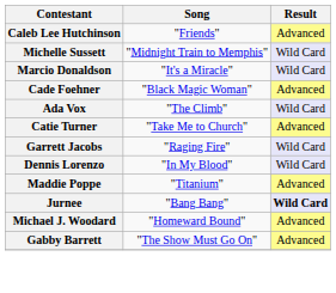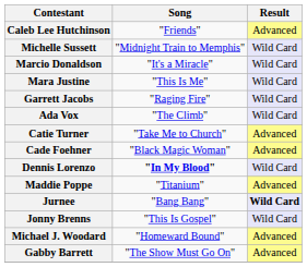 <table class="wikitable" style="text-align:center">
 <tr>
 <th scope="col">Contestant</th>
 <th scope="col">Song</th>
 <th scope="col">Result</th>
 </tr>
 <tr>
 <th scope="row">Caleb Lee Hutchinson</th>
 <td>"<a href='#'>Friends</a>"</td>
 <td style="background:#fdfc8f;">Advanced</td>
 </tr>
 <tr>
 <th scope="row">Michelle Sussett</th>
 <td>"<a href='#'>Midnight Train to Memphis</a>"</td>
 <td style="background:#E6E6FA;">Wild Card</td>
 </tr>
 <tr>
 <th scope="row">Marcio Donaldson</th>
 <td>"<a href='#'>It's a Miracle</a>"</td>
 <td style="background:#E6E6FA;">Wild Card</td>
 </tr>
 <tr>
-<th scope="row">Cade Foehner</th>
-<td>"<a href='#'>Black Magic Woman</a>"</td>
-<td style="background:#fdfc8f;">Advanced</td>
+<th scope="row">Mara Justine</th>
+<td>"<a href='#'>This Is Me</a>"</td>
+<td style="background:#E6E6FA;">Wild Card</td>
+</tr>
+<tr>
+<th scope="row">Garrett Jacobs</th>
+<td>"<a href='#'>Raging Fire</a>"</td>
+<td style="background:#E6E6FA;">Wild Card</td>
 </tr>
 <tr>
 <th scope="row">Ada Vox</th>
 <td>"<a href='#'>The Climb</a>"</td>
 <td style="background:#E6E6FA;">Wild Card</td>
 </tr>
 <tr>
 <th scope="row">Catie Turner</th>
 <td>"<a href='#'>Take Me to Church</a>"</td>
 <td style="background:#fdfc8f;">Advanced</td>
 </tr>
 <tr>
-<th scope="row">Garrett Jacobs</th>
-<td>"<a href='#'>Raging Fire</a>"</td>
-<td style="background:#E6E6FA;">Wild Card</td>
+<th scope="row">Cade Foehner</th>
+<td>"<a href='#'>Black Magic Woman</a>"</td>
+<td style="background:#fdfc8f;">Advanced</td>
 </tr>
 <tr>
 <th scope="row">Dennis Lorenzo</th>
-<td>"<a href='#'>In My Blood</a>"</td>
+<td><strong>"<a href='#'>In My Blood</a>"</strong></td>
 <td style="background:#E6E6FA;">Wild Card</td>
 </tr>
 <tr>
 <th scope="row">Maddie Poppe</th>
 <td>"<a href='#'>Titanium</a>"</td>
 <td style="background:#fdfc8f;">Advanced</td>
 </tr>
 <tr>
 <th scope="row">Jurnee</th>
 <td>"<a href='#'>Bang Bang</a>"</td>
 <td style="background:#E6E6FA;"><strong>Wild Card</strong></td>
+</tr>
+<tr>
+<th scope="row">Jonny Brenns</th>
+<td>"<a href='#'>This Is Gospel</a>"</td>
+<td style="background:#E6E6FA;">Wild Card</td>
 </tr>
 <tr>
 <th scope="row">Michael J. Woodard</th>
 <td>"<a href='#'>Homeward Bound</a>"</td>
 <td style="background:#fdfc8f;">Advanced</td>
 </tr>
 <tr>
 <th scope="row">Gabby Barrett</th>
 <td>"<a href='#'>The Show Must Go On</a>"</td>
 <td style="background:#fdfc8f;">Advanced</td>
 </tr>
 <tr>
 </tr>
 </table>
